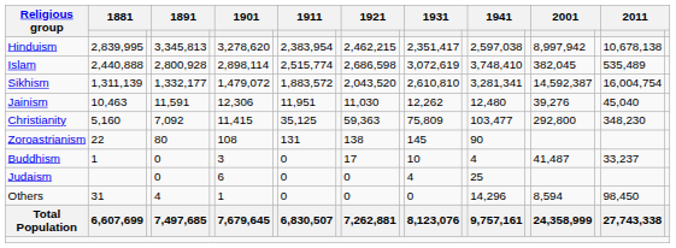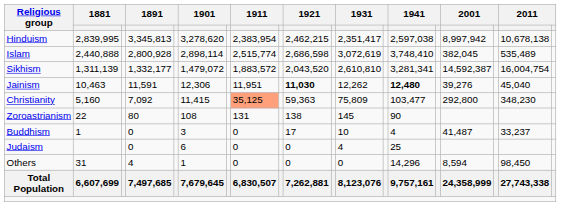 <table class="wikitable sortable">
 <tr>
 <th rowspan="2"><a href='#'>Religious</a><br>group</th>
 <th colspan="2">1881</th>
 <th colspan="2">1891</th>
 <th colspan="2">1901</th>
 <th colspan="2">1911</th>
 <th colspan="2">1921</th>
 <th colspan="2">1931</th>
 <th colspan="2">1941</th>
 <th colspan="2">2001</th>
 <th colspan="2">2011</th>
 </tr>
 <tr>
 <th><a href='#'></a></th>
 <th></th>
 <th></th>
 <th></th>
 <th></th>
 <th></th>
 <th></th>
 <th></th>
 <th></th>
 <th></th>
 <th></th>
 <th></th>
 <th></th>
 <th></th>
 <th></th>
 <th></th>
 <th></th>
 <th></th>
 </tr>
 <tr>
 <td><a href='#'>Hinduism</a> </td>
 <td>2,839,995</td>
 <td></td>
 <td>3,345,813</td>
 <td></td>
 <td>3,278,620</td>
 <td></td>
 <td>2,383,954</td>
 <td></td>
 <td>2,462,215</td>
 <td></td>
 <td>2,351,417</td>
 <td></td>
 <td>2,597,038</td>
 <td></td>
 <td>8,997,942</td>
 <td></td>
 <td>10,678,138</td>
 <td></td>
 </tr>
 <tr>
 <td><a href='#'>Islam</a> </td>
 <td>2,440,888</td>
 <td></td>
 <td>2,800,928</td>
 <td></td>
 <td>2,898,114</td>
 <td></td>
 <td>2,515,774</td>
 <td></td>
 <td>2,686,598</td>
 <td></td>
 <td>3,072,619</td>
 <td></td>
 <td>3,748,410</td>
 <td></td>
 <td>382,045</td>
 <td></td>
 <td>535,489</td>
 <td></td>
 </tr>
 <tr>
 <td><a href='#'>Sikhism</a> </td>
 <td>1,311,139</td>
 <td></td>
 <td>1,332,177</td>
 <td></td>
 <td>1,479,072</td>
 <td></td>
 <td>1,883,572</td>
 <td></td>
 <td>2,043,520</td>
 <td></td>
 <td>2,610,810</td>
 <td></td>
 <td>3,281,341</td>
 <td></td>
 <td>14,592,387</td>
 <td></td>
 <td>16,004,754</td>
 <td></td>
 </tr>
 <tr>
 <td><a href='#'>Jainism</a> </td>
 <td>10,463</td>
 <td></td>
 <td>11,591</td>
 <td></td>
 <td>12,306</td>
 <td></td>
 <td>11,951</td>
 <td></td>
-<td>11,030</td>
+<td><strong>11,030</strong></td>
 <td></td>
 <td>12,262</td>
 <td></td>
-<td>12,480</td>
+<td><strong>12,480</strong></td>
 <td></td>
 <td>39,276</td>
 <td></td>
 <td>45,040</td>
 <td></td>
 </tr>
 <tr>
 <td><a href='#'>Christianity</a> </td>
 <td>5,160</td>
 <td></td>
 <td>7,092</td>
 <td></td>
 <td>11,415</td>
 <td></td>
-<td>35,125</td>
+<td style="background: lightsalmon;">35,125</td>
 <td></td>
 <td>59,363</td>
 <td></td>
 <td>75,809</td>
 <td></td>
 <td>103,477</td>
 <td></td>
 <td>292,800</td>
 <td></td>
 <td>348,230</td>
 <td></td>
 </tr>
 <tr>
 <td><a href='#'>Zoroastrianism</a> </td>
 <td>22</td>
 <td></td>
 <td>80</td>
 <td></td>
 <td>108</td>
 <td></td>
 <td>131</td>
 <td></td>
 <td>138</td>
 <td></td>
 <td>145</td>
 <td></td>
 <td>90</td>
 <td></td>
 <td></td>
 <td></td>
 <td></td>
 <td></td>
 </tr>
 <tr>
 <td><a href='#'>Buddhism</a> </td>
 <td>1</td>
 <td></td>
 <td>0</td>
 <td></td>
 <td>3</td>
 <td></td>
 <td>0</td>
 <td></td>
 <td>17</td>
 <td></td>
 <td>10</td>
 <td></td>
 <td>4</td>
 <td></td>
 <td>41,487</td>
 <td></td>
 <td>33,237</td>
 <td></td>
 </tr>
 <tr>
 <td><a href='#'>Judaism</a> </td>
 <td></td>
 <td></td>
 <td>0</td>
 <td></td>
 <td>6</td>
 <td></td>
 <td>0</td>
 <td></td>
 <td>0</td>
 <td></td>
 <td>4</td>
 <td></td>
 <td>25</td>
 <td></td>
 <td></td>
 <td></td>
 <td></td>
 <td></td>
 </tr>
 <tr>
 <td>Others</td>
 <td>31</td>
 <td></td>
 <td>4</td>
 <td></td>
 <td>1</td>
 <td></td>
 <td>0</td>
 <td></td>
 <td>0</td>
 <td></td>
 <td>0</td>
 <td></td>
 <td>14,296</td>
 <td></td>
 <td>8,594</td>
 <td></td>
 <td>98,450</td>
 <td></td>
 </tr>
 <tr>
 <th>Total Population</th>
 <th>6,607,699</th>
 <th></th>
 <th>7,497,685</th>
 <th></th>
 <th>7,679,645</th>
 <th></th>
 <th>6,830,507</th>
 <th></th>
 <th>7,262,881</th>
 <th></th>
 <th>8,123,076</th>
 <th></th>
 <th>9,757,161</th>
 <th></th>
 <th>24,358,999</th>
 <th></th>
 <th>27,743,338</th>
 <th></th>
 </tr>
 <tr class="sortbottom">
 <td colspan="20"></td>
 </tr>
 </table>
